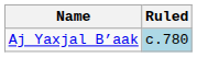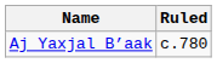 <table class="wikitable" border="1">
 <tr>
 <th><strong>Name</strong></th>
 <th><strong>Ruled</strong></th>
 </tr>
 <tr>
 <td><a href='#'>Aj Yaxjal B’aak</a></td>
-<td style="background: lightblue;">c.780</td>
+<td>c.780</td>
 </tr>
 </table>
